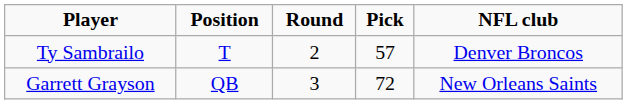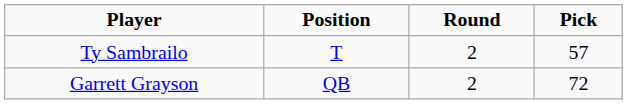 <table class="wikitable" width="80%">
 <tr align="center">
 <td><strong>Player</strong></td>
 <td><strong>Position</strong></td>
 <td><strong>Round</strong></td>
 <td><strong>Pick</strong></td>
-<td><strong>NFL club</strong></td>
 </tr>
 <tr align="center" bgcolor="">
 <td><a href='#'>Ty Sambrailo</a></td>
 <td><a href='#'>T</a></td>
 <td>2</td>
 <td>57</td>
-<td><a href='#'>Denver Broncos</a></td>
 </tr>
 <tr align="center" bgcolor="">
 <td><a href='#'>Garrett Grayson</a></td>
 <td><a href='#'>QB</a></td>
-<td>3</td>
+<td>2</td>
 <td>72</td>
-<td><a href='#'>New Orleans Saints</a></td>
 </tr>
 </table>
